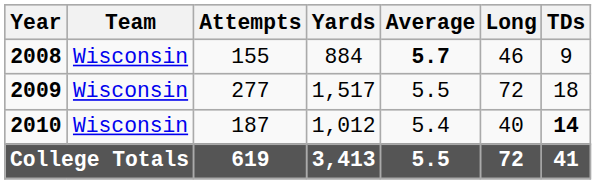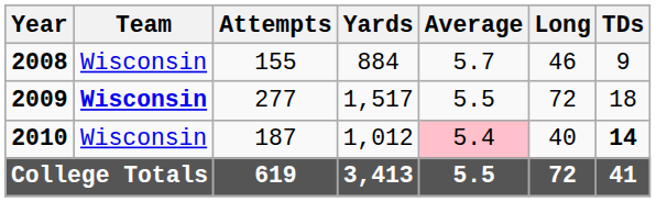 <table class="wikitable" style="text-align:center;">
 <tr>
 <th>Year</th>
 <th>Team</th>
 <th>Attempts</th>
 <th>Yards</th>
 <th>Average</th>
 <th>Long</th>
 <th>TDs</th>
 </tr>
 <tr>
 <td><strong>2008</strong></td>
 <td><a href='#'>Wisconsin</a></td>
 <td>155</td>
 <td>884</td>
-<td><strong>5.7</strong></td>
+<td>5.7</td>
 <td>46</td>
 <td>9</td>
 </tr>
 <tr>
 <td><strong>2009</strong></td>
-<td><a href='#'>Wisconsin</a></td>
+<td><strong><a href='#'>Wisconsin</a></strong></td>
 <td>277</td>
 <td>1,517</td>
 <td>5.5</td>
 <td>72</td>
 <td>18</td>
 </tr>
 <tr>
 <td><strong>2010</strong></td>
 <td><a href='#'>Wisconsin</a></td>
 <td>187</td>
 <td>1,012</td>
-<td>5.4</td>
+<td style="background: pink;">5.4</td>
 <td>40</td>
 <td><strong>14</strong></td>
 </tr>
 <tr style="background:#555555;font-weight:bold;color:white;">
 <td colspan=2>College Totals</td>
 <td>619</td>
 <td>3,413</td>
 <td>5.5</td>
 <td>72</td>
 <td>41</td>
 </tr>
 <tr style="background:#555555;font-weight:bold;color:white;">
 </tr>
 </table>
